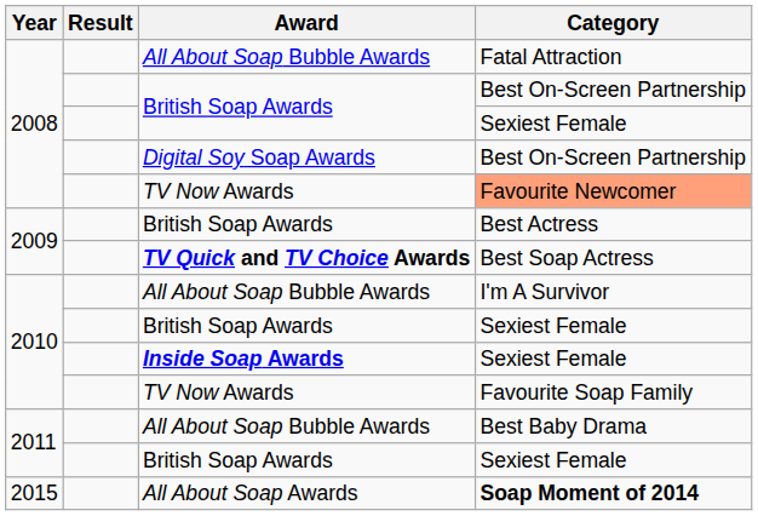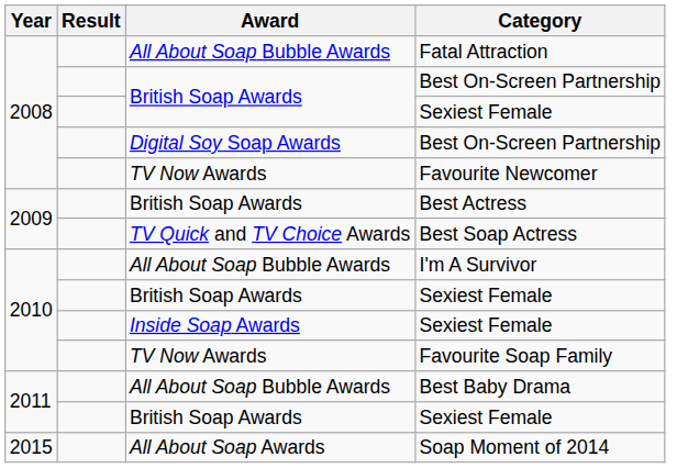 <table class="wikitable" style="font-size: 90%">
 <tr>
 <th>Year</th>
 <th>Result</th>
 <th>Award</th>
 <th>Category</th>
 </tr>
 <tr>
 <td rowspan="5">2008</td>
 <td></td>
 <td><a href='#'><em>All About Soap</em> Bubble Awards</a></td>
 <td>Fatal Attraction </td>
 </tr>
 <tr>
 <td></td>
 <td rowspan="2"><a href='#'>British Soap Awards</a></td>
 <td>Best On-Screen Partnership </td>
 </tr>
 <tr>
 <td></td>
 <td>Sexiest Female</td>
 </tr>
 <tr>
 <td></td>
 <td><a href='#'><em>Digital Soy</em> Soap Awards</a></td>
 <td>Best On-Screen Partnership </td>
 </tr>
 <tr>
 <td></td>
 <td><em>TV Now</em> Awards</td>
-<td style="background: lightsalmon;">Favourite Newcomer </td>
+<td>Favourite Newcomer </td>
 </tr>
 <tr>
 <td rowspan="2">2009</td>
 <td></td>
 <td>British Soap Awards</td>
 <td>Best Actress</td>
 </tr>
 <tr>
 <td></td>
-<td><strong><em><a href='#'>TV Quick</a></em> and <em><a href='#'>TV Choice</a></em> Awards</strong></td>
+<td><em><a href='#'>TV Quick</a></em> and <em><a href='#'>TV Choice</a></em> Awards</td>
 <td>Best Soap Actress</td>
 </tr>
 <tr>
 <td rowspan="4">2010</td>
 <td></td>
 <td><em>All About Soap</em> Bubble Awards</td>
 <td>I'm A Survivor</td>
 </tr>
 <tr>
 <td></td>
 <td>British Soap Awards</td>
 <td>Sexiest Female</td>
 </tr>
 <tr>
 <td></td>
-<td><strong><a href='#'><em>Inside Soap</em> Awards</a></strong></td>
+<td><a href='#'><em>Inside Soap</em> Awards</a></td>
 <td>Sexiest Female</td>
 </tr>
 <tr>
 <td></td>
 <td><em>TV Now</em> Awards</td>
 <td>Favourite Soap Family</td>
 </tr>
 <tr>
 <td rowspan="2">2011</td>
 <td></td>
 <td><em>All About Soap</em> Bubble Awards</td>
 <td>Best Baby Drama </td>
 </tr>
 <tr>
 <td></td>
 <td>British Soap Awards</td>
 <td>Sexiest Female</td>
 </tr>
 <tr>
 <td>2015</td>
 <td></td>
 <td><em>All About Soap</em> Awards</td>
-<td><strong>Soap Moment of 2014</strong></td>
+<td>Soap Moment of 2014</td>
 </tr>
 </table>
